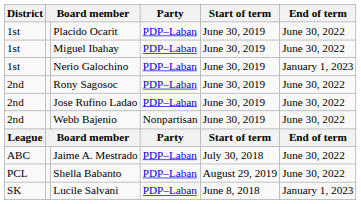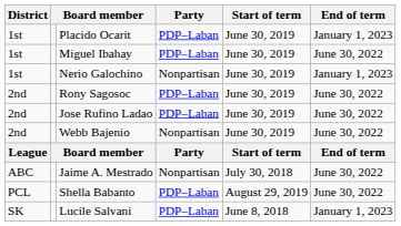 <table class="wikitable">
 <tr>
 <th>District</th>
 <th colspan="2">Board member</th>
 <th>Party</th>
 <th>Start of term</th>
 <th>End of term</th>
 </tr>
 <tr>
 <td>1st</td>
 <td></td>
 <td>Placido Ocarit</td>
 <td><a href='#'>PDP–Laban</a></td>
 <td>June 30, 2019</td>
-<td>June 30, 2022</td>
+<td>January 1, 2023</td>
 </tr>
 <tr>
 <td>1st</td>
 <td></td>
 <td>Miguel Ibahay</td>
 <td><a href='#'>PDP–Laban</a></td>
 <td>June 30, 2019</td>
 <td>June 30, 2022</td>
 </tr>
 <tr>
 <td>1st</td>
 <td></td>
 <td>Nerio Galochino</td>
-<td><a href='#'>PDP–Laban</a></td>
+<td>Nonpartisan</td>
 <td>June 30, 2019</td>
 <td>January 1, 2023</td>
 </tr>
 <tr>
 <td>2nd</td>
 <td></td>
 <td>Rony Sagosoc</td>
 <td><a href='#'>PDP–Laban</a></td>
 <td>June 30, 2019</td>
 <td>June 30, 2022</td>
 </tr>
 <tr>
 <td>2nd</td>
 <td></td>
 <td>Jose Rufino Ladao</td>
 <td><a href='#'>PDP–Laban</a></td>
 <td>June 30, 2019</td>
 <td>June 30, 2022</td>
 </tr>
 <tr>
 <td>2nd</td>
 <td></td>
 <td>Webb Bajenio</td>
 <td>Nonpartisan</td>
 <td>June 30, 2019</td>
 <td>June 30, 2022</td>
 </tr>
 <tr>
 <th>League</th>
 <th colspan="2">Board member</th>
 <th>Party</th>
 <th>Start of term</th>
 <th>End of term</th>
 </tr>
 <tr>
 <td>ABC</td>
 <td></td>
 <td>Jaime A. Mestrado</td>
-<td><a href='#'>PDP–Laban</a></td>
+<td>Nonpartisan</td>
 <td>July 30, 2018</td>
 <td>June 30, 2022</td>
 </tr>
 <tr>
 <td>PCL</td>
 <td></td>
 <td>Shella Babanto</td>
 <td><a href='#'>PDP–Laban</a></td>
 <td>August 29, 2019</td>
 <td>June 30, 2022</td>
 </tr>
 <tr>
 <td>SK</td>
 <td></td>
 <td>Lucile Salvani</td>
 <td><a href='#'>PDP–Laban</a></td>
 <td>June 8, 2018</td>
 <td>January 1, 2023</td>
 </tr>
 </table>
